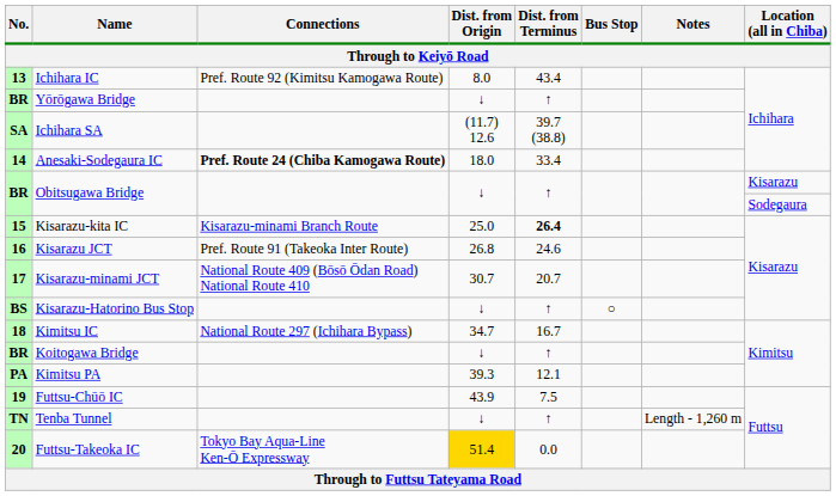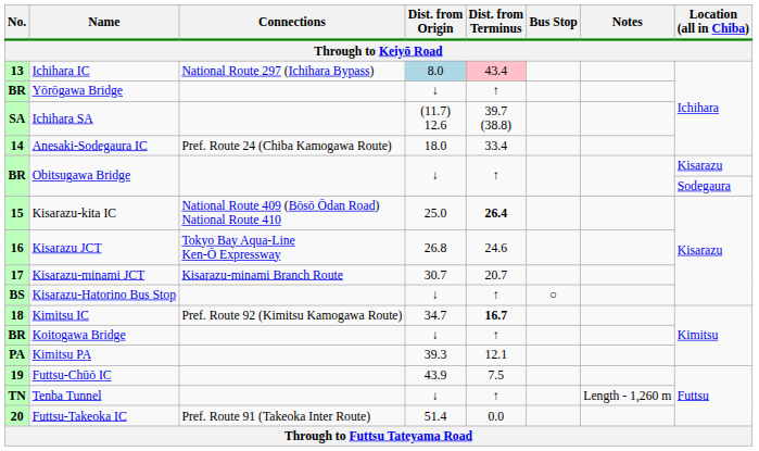 <table class="wikitable">
 <tr>
 <th style="border-bottom:3px solid green;">No.</th>
 <th style="border-bottom:3px solid green;">Name</th>
 <th style="border-bottom:3px solid green;">Connections</th>
 <th style="border-bottom:3px solid green;">Dist. from<br>Origin</th>
 <th style="border-bottom:3px solid green;">Dist. from<br>Terminus</th>
 <th style="border-bottom:3px solid green;">Bus Stop</th>
 <th style="border-bottom:3px solid green;">Notes</th>
 <th style="border-bottom:3px solid green;">Location<br>(all in <a href='#'>Chiba</a>)</th>
 </tr>
 <tr>
 <th colspan="8" style="text-align: center;"><strong>Through to  <a href='#'>Keiyō Road</a></strong></th>
 </tr>
 <tr>
 <th style="background-color: #BFB;">13</th>
 <td><a href='#'>Ichihara IC</a></td>
-<td>Pref. Route 92 (Kimitsu Kamogawa Route)</td>
-<td style="text-align: center;">8.0</td>
-<td style="text-align: center;">43.4</td>
+<td> <a href='#'>National Route 297</a> (<a href='#'>Ichihara Bypass</a>)</td>
+<td style="background: lightblue; text-align: center;">8.0</td>
+<td style="background: pink; text-align: center;">43.4</td>
 <td style="text-align: center;"></td>
 <td></td>
 <td rowspan="4"><a href='#'>Ichihara</a></td>
 </tr>
 <tr>
 <th style="background-color: #BFB;">BR</th>
 <td><a href='#'>Yōrōgawa Bridge</a></td>
 <td></td>
 <td style="text-align: center;">↓</td>
 <td style="text-align: center;">↑</td>
 <td style="text-align: center;"></td>
 <td></td>
 </tr>
 <tr>
 <th style="background-color: #BFB;">SA</th>
 <td><a href='#'>Ichihara SA</a></td>
 <td></td>
 <td style="text-align: center;">(11.7)<br>12.6</td>
 <td style="text-align: center;">39.7<br>(38.8)</td>
 <td style="text-align: center;"></td>
 <td></td>
 </tr>
 <tr>
 <th style="background-color: #BFB;">14</th>
 <td><a href='#'>Anesaki-Sodegaura IC</a></td>
-<td><strong>Pref. Route 24 (Chiba Kamogawa Route)</strong></td>
+<td>Pref. Route 24 (Chiba Kamogawa Route)</td>
 <td style="text-align: center;">18.0</td>
 <td style="text-align: center;">33.4</td>
 <td style="text-align: center;"></td>
 <td></td>
 </tr>
 <tr>
 <th rowspan="2" style="background-color: #BFB;">BR</th>
 <td rowspan="2"><a href='#'>Obitsugawa Bridge</a></td>
 <td rowspan="2"></td>
 <td rowspan="2" style="text-align: center;">↓</td>
 <td rowspan="2" style="text-align: center;">↑</td>
 <td rowspan="2" style="text-align: center;"></td>
 <td rowspan="2"></td>
 <td><a href='#'>Kisarazu</a></td>
 </tr>
 <tr>
 <td><a href='#'>Sodegaura</a></td>
 </tr>
 <tr>
 <th style="background-color: #BFB;">15</th>
 <td>Kisarazu-kita IC</td>
-<td> <a href='#'>Kisarazu-minami Branch Route</a></td>
+<td> <a href='#'>National Route 409</a> (<a href='#'>Bōsō Ōdan Road</a>)<br> <a href='#'>National Route 410</a></td>
 <td style="text-align: center;">25.0</td>
 <td style="text-align: center;"><strong>26.4</strong></td>
 <td style="text-align: center;"></td>
 <td></td>
 <td rowspan="4"><a href='#'>Kisarazu</a></td>
 </tr>
 <tr>
 <th style="background-color: #BFB;">16</th>
 <td><a href='#'>Kisarazu JCT</a></td>
-<td>Pref. Route 91 (Takeoka Inter Route)</td>
+<td> <a href='#'>Tokyo Bay Aqua-Line</a><br> <a href='#'>Ken-Ō Expressway</a></td>
 <td style="text-align: center;">26.8</td>
 <td style="text-align: center;">24.6</td>
 <td style="text-align: center;"></td>
 <td></td>
 </tr>
 <tr>
 <th style="background-color: #BFB;">17</th>
 <td><a href='#'>Kisarazu-minami JCT</a></td>
-<td> <a href='#'>National Route 409</a> (<a href='#'>Bōsō Ōdan Road</a>)<br> <a href='#'>National Route 410</a></td>
+<td> <a href='#'>Kisarazu-minami Branch Route</a></td>
 <td style="text-align: center;">30.7</td>
 <td style="text-align: center;">20.7</td>
 <td style="text-align: center;"></td>
 <td></td>
 </tr>
 <tr>
 <th style="background-color: #BFB;">BS</th>
 <td><a href='#'>Kisarazu-Hatorino Bus Stop</a></td>
 <td></td>
 <td style="text-align: center;">↓</td>
 <td style="text-align: center;">↑</td>
 <td style="text-align: center;">○</td>
 <td></td>
 </tr>
 <tr>
 <th style="background-color: #BFB;">18</th>
 <td><a href='#'>Kimitsu IC</a></td>
-<td> <a href='#'>National Route 297</a> (<a href='#'>Ichihara Bypass</a>)</td>
+<td>Pref. Route 92 (Kimitsu Kamogawa Route)</td>
 <td style="text-align: center;">34.7</td>
-<td style="text-align: center;">16.7</td>
+<td style="text-align: center;"><strong>16.7</strong></td>
 <td style="text-align: center;"></td>
 <td></td>
 <td rowspan="3"><a href='#'>Kimitsu</a></td>
 </tr>
 <tr>
 <th style="background-color: #BFB;">BR</th>
 <td><a href='#'>Koitogawa Bridge</a></td>
 <td></td>
 <td style="text-align: center;">↓</td>
 <td style="text-align: center;">↑</td>
 <td style="text-align: center;"></td>
 <td></td>
 </tr>
 <tr>
 <th style="background-color: #BFB;">PA</th>
 <td><a href='#'>Kimitsu PA</a></td>
 <td></td>
 <td style="text-align: center;">39.3</td>
 <td style="text-align: center;">12.1</td>
 <td style="text-align: center;"></td>
 <td></td>
 </tr>
 <tr>
 <th style="background-color: #BFB;">19</th>
 <td><a href='#'>Futtsu-Chūō IC</a></td>
 <td></td>
 <td style="text-align: center;">43.9</td>
 <td style="text-align: center;">7.5</td>
 <td style="text-align: center;"></td>
 <td></td>
 <td rowspan="3"><a href='#'>Futtsu</a></td>
 </tr>
 <tr>
 <th style="background-color: #BFB;">TN</th>
 <td><a href='#'>Tenba Tunnel</a></td>
 <td></td>
 <td style="text-align: center;">↓</td>
 <td style="text-align: center;">↑</td>
 <td style="text-align: center;"></td>
 <td>Length - 1,260 m</td>
 </tr>
 <tr>
 <th style="background-color: #BFB;">20</th>
 <td><a href='#'>Futtsu-Takeoka IC</a></td>
-<td> <a href='#'>Tokyo Bay Aqua-Line</a><br> <a href='#'>Ken-Ō Expressway</a></td>
-<td style="background: gold; text-align: center;">51.4</td>
+<td>Pref. Route 91 (Takeoka Inter Route)</td>
+<td style="text-align: center;">51.4</td>
 <td style="text-align: center;">0.0</td>
 <td style="text-align: center;"></td>
 <td></td>
 </tr>
 <tr>
 <th colspan="8" style="text-align: center;"><strong>Through to  <a href='#'>Futtsu Tateyama Road</a></strong></th>
 </tr>
 </table>
